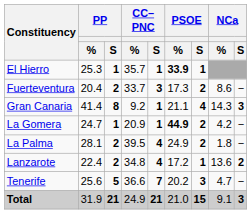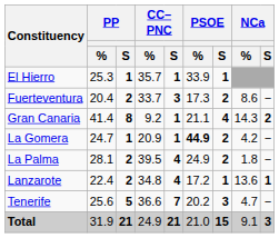 <table class="wikitable sortable" style="text-align:right; line-height:20px;">
 <tr>
 <th rowspan="3">Constituency</th>
 <th colspan="2" width="30px" class="unsortable"><a href='#'>PP</a></th>
 <th colspan="2" width="30px" class="unsortable"><a href='#'>CC–PNC</a></th>
 <th colspan="2" width="30px" class="unsortable"><a href='#'>PSOE</a></th>
 <th colspan="2" width="30px" class="unsortable"><a href='#'>NCa</a></th>
 </tr>
 <tr>
 <th colspan="2" style="background:"></th>
 <th colspan="2" style="background:"></th>
 <th colspan="2" style="background:"></th>
 <th colspan="2" style="background:"></th>
 </tr>
 <tr>
 <th data-sort-type="number">%</th>
 <th data-sort-type="number">S</th>
 <th data-sort-type="number">%</th>
 <th data-sort-type="number">S</th>
 <th data-sort-type="number">%</th>
 <th data-sort-type="number">S</th>
 <th data-sort-type="number">%</th>
 <th data-sort-type="number">S</th>
 </tr>
 <tr>
 <td align="left"><a href='#'>El Hierro</a></td>
 <td>25.3</td>
 <td><strong>1</strong></td>
 <td style="background:">35.7</td>
 <td><strong>1</strong></td>
-<td><strong>33.9</strong></td>
+<td>33.9</td>
 <td><strong>1</strong></td>
 <td colspan="2" bgcolor="#AAAAAA"></td>
 </tr>
 <tr>
 <td align="left"><a href='#'>Fuerteventura</a></td>
 <td>20.4</td>
 <td><strong>2</strong></td>
 <td style="background:">33.7</td>
 <td><strong>3</strong></td>
 <td>17.3</td>
 <td><strong>2</strong></td>
 <td>8.6</td>
 <td>−</td>
 </tr>
 <tr>
 <td align="left"><a href='#'>Gran Canaria</a></td>
 <td style="background:">41.4</td>
 <td><strong>8</strong></td>
 <td>9.2</td>
 <td><strong>1</strong></td>
 <td>21.1</td>
 <td><strong>4</strong></td>
 <td>14.3</td>
-<td><strong>3</strong></td>
+<td><strong>2</strong></td>
 </tr>
 <tr>
 <td align="left"><a href='#'>La Gomera</a></td>
 <td>24.7</td>
 <td><strong>1</strong></td>
 <td>20.9</td>
 <td><strong>1</strong></td>
 <td style="background:"><strong>44.9</strong></td>
 <td><strong>2</strong></td>
 <td>4.2</td>
 <td>−</td>
 </tr>
 <tr>
 <td align="left"><a href='#'>La Palma</a></td>
 <td>28.1</td>
 <td><strong>2</strong></td>
 <td style="background:">39.5</td>
 <td><strong>4</strong></td>
 <td>24.9</td>
 <td><strong>2</strong></td>
 <td>1.8</td>
 <td>−</td>
 </tr>
 <tr>
 <td align="left"><a href='#'>Lanzarote</a></td>
 <td>22.4</td>
 <td><strong>2</strong></td>
 <td style="background:">34.8</td>
 <td><strong>4</strong></td>
 <td>17.2</td>
 <td><strong>1</strong></td>
 <td>13.6</td>
-<td><strong>2</strong></td>
+<td><strong>1</strong></td>
 </tr>
 <tr>
 <td align="left"><a href='#'>Tenerife</a></td>
 <td>25.6</td>
 <td><strong>5</strong></td>
 <td style="background:">36.6</td>
 <td><strong>7</strong></td>
 <td>20.2</td>
 <td><strong>3</strong></td>
 <td>4.7</td>
 <td>−</td>
 </tr>
 <tr style="background:#CDCDCD;">
 <td align="left"><strong>Total</strong></td>
 <td style="background:">31.9</td>
 <td><strong>21</strong></td>
 <td>24.9</td>
 <td><strong>21</strong></td>
 <td>21.0</td>
 <td><strong>15</strong></td>
 <td>9.1</td>
 <td><strong>3</strong></td>
 </tr>
 </table>
